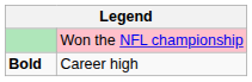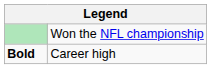 <table class="wikitable mw-collapsible">
 <tr>
 <th colspan="2">Legend</th>
 </tr>
 <tr>
 <td style="background:#afe6ba; width:3em;"></td>
-<td style="background: pink;">Won the <a href='#'>NFL championship</a></td>
+<td>Won the <a href='#'>NFL championship</a></td>
 </tr>
 <tr>
 <td><strong>Bold</strong></td>
 <td>Career high</td>
 </tr>
 </table>
